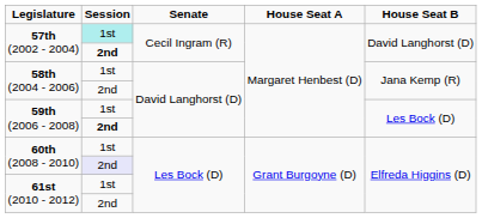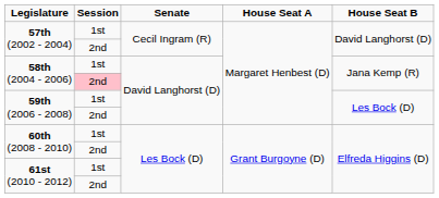 <table class=wikitable style="text-align:center">
 <tr>
 <td><strong>Legislature</strong></td>
 <td><strong>Session</strong></td>
 <td><strong>Senate</strong></td>
 <td><strong>House Seat A</strong></td>
 <td><strong>House Seat B</strong></td>
 </tr>
 <tr>
 <td rowspan="2" colspan="1" style="text-align: center;"><strong>57th</strong> <br> (2002 - 2004)</td>
-<td style="background: paleturquoise;">1st</td>
+<td>1st</td>
 <td rowspan="2" colspan="1" style="text-align: center;" >Cecil Ingram (R)</td>
 <td rowspan="6" colspan="1" style="text-align: center;" >Margaret Henbest (D)</td>
 <td rowspan="2" colspan="1" style="text-align: center;" >David Langhorst (D)</td>
 </tr>
 <tr>
-<td><strong>2nd</strong></td>
+<td>2nd</td>
 </tr>
 <tr>
 <td rowspan="2" colspan="1" style="text-align: center;"><strong>58th</strong> <br> (2004 - 2006)</td>
 <td>1st</td>
 <td rowspan="4" colspan="1" style="text-align: center;" >David Langhorst (D)</td>
 <td rowspan="2" colspan="1" style="text-align: center;" >Jana Kemp (R)</td>
 </tr>
 <tr>
-<td>2nd</td>
+<td style="background: pink;">2nd</td>
 </tr>
 <tr>
 <td rowspan="2" colspan="1" style="text-align: center;"><strong>59th</strong> <br> (2006 - 2008)</td>
 <td>1st</td>
 <td rowspan="2" colspan="1" style="text-align: center;" ><a href='#'>Les Bock</a> (D)</td>
 </tr>
 <tr>
-<td><strong>2nd</strong></td>
+<td>2nd</td>
 </tr>
 <tr>
 <td rowspan="2" colspan="1" style="text-align: center;"><strong>60th</strong> <br> (2008 - 2010)</td>
 <td>1st</td>
 <td rowspan="4" colspan="1" style="text-align: center;" ><a href='#'>Les Bock</a> (D)</td>
 <td rowspan="4" colspan="1" style="text-align: center;" ><a href='#'>Grant Burgoyne</a> (D)</td>
 <td rowspan="4" colspan="1" style="text-align: center;" ><a href='#'>Elfreda Higgins</a> (D)</td>
 </tr>
 <tr>
-<td style="background: lavender;">2nd</td>
+<td>2nd</td>
 </tr>
 <tr>
 <td rowspan="2" colspan="1" style="text-align: center;"><strong>61st</strong> <br> (2010 - 2012)</td>
 <td>1st</td>
 </tr>
 <tr>
 <td>2nd</td>
 </tr>
 </table>
